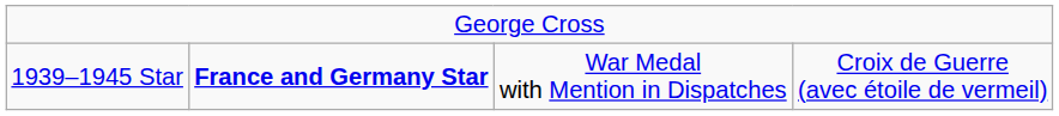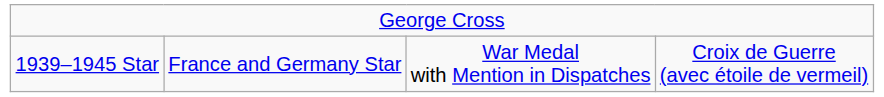 <table class="wikitable" style="margin:1em auto; text-align:center;">
 <tr>
 <td colspan=5><a href='#'>George Cross</a></td>
 </tr>
 <tr>
 <td><a href='#'>1939–1945 Star</a></td>
-<td><strong><a href='#'>France and Germany Star</a></strong></td>
+<td><a href='#'>France and Germany Star</a></td>
 <td><a href='#'>War Medal</a><br>with <a href='#'>Mention in Dispatches</a></td>
 <td><a href='#'>Croix de Guerre<br>(avec étoile de vermeil)</a></td>
 </tr>
 </table>
